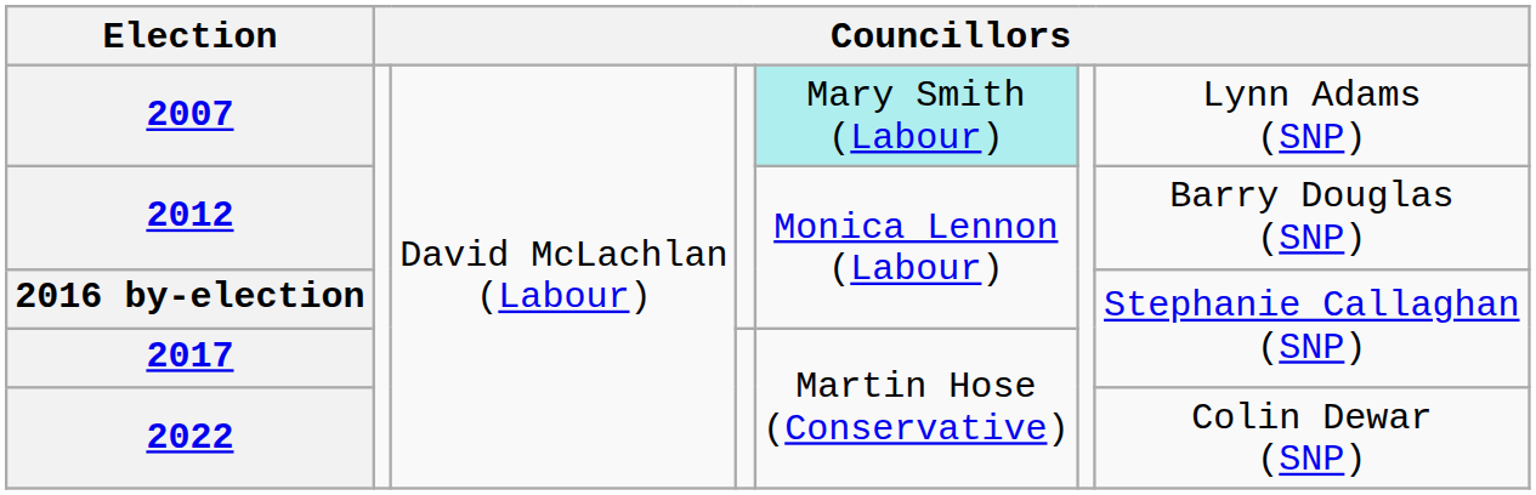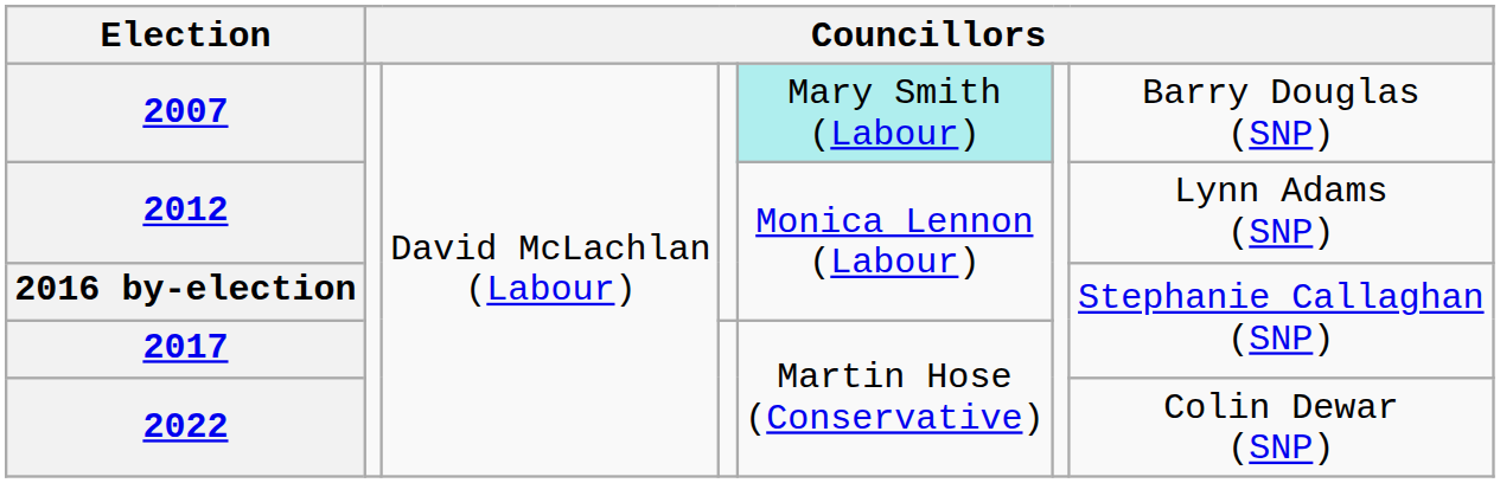 <table class="wikitable" style="text-align:center">
 <tr>
 <th>Election</th>
 <th colspan=8>Councillors</th>
 </tr>
 <tr>
 <th><a href='#'>2007</a></th>
 <td rowspan=5; style="background-color: "></td>
 <td rowspan=5>David McLachlan<br>(<a href='#'>Labour</a>)</td>
 <td rowspan=3; style="background-color: "></td>
 <td rowspan=1 style="background: paleturquoise;">Mary Smith<br>(<a href='#'>Labour</a>)</td>
 <td rowspan=5; style="background-color: "></td>
-<td rowspan=1>Lynn Adams<br>(<a href='#'>SNP</a>)</td>
+<td rowspan=1>Barry Douglas<br>(<a href='#'>SNP</a>)</td>
 </tr>
 <tr>
 <th><a href='#'>2012</a></th>
 <td rowspan=2><a href='#'>Monica Lennon</a><br>(<a href='#'>Labour</a>)</td>
-<td rowspan=1>Barry Douglas<br>(<a href='#'>SNP</a>)</td>
+<td rowspan=1>Lynn Adams<br>(<a href='#'>SNP</a>)</td>
 </tr>
 <tr>
 <th>2016 by-election</th>
 <td rowspan=2><a href='#'>Stephanie Callaghan</a><br>(<a href='#'>SNP</a>)</td>
 </tr>
 <tr>
 <th><a href='#'>2017</a></th>
 <td rowspan=2; style="background-color: "></td>
 <td rowspan=2>Martin Hose<br>(<a href='#'>Conservative</a>)</td>
 </tr>
 <tr>
 <th><a href='#'>2022</a></th>
 <td rowspan=1>Colin Dewar<br>(<a href='#'>SNP</a>)</td>
 </tr>
 </table>
